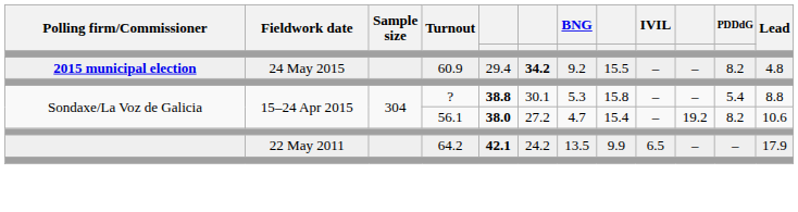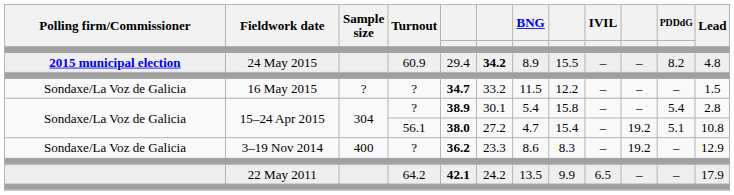 <table class="wikitable collapsible collapsed" style="text-align:center; font-size:95%; line-height:16px;">
 <tr style="height:42px;">
 <th style="width:250px;" rowspan="2">Polling firm/Commissioner</th>
 <th style="width:125px;" rowspan="2">Fieldwork date</th>
 <th style="width:50px;" rowspan="2">Sample size</th>
 <th style="width:45px;" rowspan="2">Turnout</th>
 <th style="width:35px;"></th>
 <th style="width:35px;"></th>
 <th style="width:35px;"><a href='#'>BNG</a></th>
 <th style="width:35px;"></th>
 <th style="width:35px;">IVIL</th>
 <th style="width:35px;"></th>
 <th style="width:35px; font-size:75%;">PDDdG</th>
 <th style="width:30px;" rowspan="2">Lead</th>
 </tr>
 <tr>
 <th style="color:inherit;background:"></th>
 <th style="color:inherit;background:"></th>
 <th style="color:inherit;background:"></th>
 <th style="color:inherit;background:"></th>
 <th style="color:inherit;background:"></th>
 <th style="color:inherit;background:"></th>
 <th style="color:inherit;background:"></th>
 </tr>
 <tr>
 <td colspan="12" style="background:#A0A0A0"></td>
 </tr>
 <tr style="background:#EFEFEF;">
 <td><strong><a href='#'>2015 municipal election</a></strong></td>
 <td>24 May 2015</td>
 <td></td>
 <td>60.9</td>
 <td>29.4<br></td>
 <td><strong>34.2</strong><br></td>
-<td>9.2<br></td>
+<td>8.9<br></td>
 <td>15.5<br></td>
 <td>–</td>
 <td>–</td>
 <td>8.2<br></td>
 <td style="background:">4.8</td>
 </tr>
 <tr>
 <td colspan="12" style="background:#A0A0A0"></td>
 </tr>
 <tr>
+<td>Sondaxe/La Voz de Galicia</td>
+<td>16 May 2015</td>
+<td>?</td>
+<td>?</td>
+<td><strong>34.7</strong><br></td>
+<td>33.2<br></td>
+<td>11.5<br></td>
+<td>12.2<br></td>
+<td>–</td>
+<td>–</td>
+<td>–</td>
+<td style="background:">1.5</td>
+</tr>
+<tr>
 <td rowspan="2">Sondaxe/La Voz de Galicia</td>
 <td rowspan="2">15–24 Apr 2015</td>
 <td rowspan="2">304</td>
 <td>?</td>
-<td><strong>38.8</strong><br></td>
+<td><strong>38.9</strong><br></td>
 <td>30.1<br></td>
-<td>5.3<br></td>
+<td>5.4<br></td>
 <td>15.8<br></td>
 <td>–</td>
 <td>–</td>
 <td>5.4<br></td>
-<td style="background:">8.8</td>
+<td style="background:">2.8</td>
 </tr>
 <tr>
 <td>56.1</td>
 <td><strong>38.0</strong><br></td>
 <td>27.2<br></td>
 <td>4.7<br></td>
 <td>15.4<br></td>
 <td>–</td>
 <td>19.2<br></td>
-<td>8.2<br></td>
-<td style="background:">10.6</td>
+<td>5.1<br></td>
+<td style="background:">10.8</td>
+</tr>
+<tr>
+<td>Sondaxe/La Voz de Galicia</td>
+<td>3–19 Nov 2014</td>
+<td>400</td>
+<td>?</td>
+<td><strong>36.2</strong><br></td>
+<td>23.3<br></td>
+<td>8.6<br></td>
+<td>8.3<br></td>
+<td>–</td>
+<td>19.2<br></td>
+<td>–</td>
+<td style="background:">12.9</td>
 </tr>
 <tr>
 <td colspan="12" style="background:#A0A0A0"></td>
 </tr>
 <tr style="background:#EFEFEF;">
 <td><strong></strong></td>
 <td>22 May 2011</td>
 <td></td>
 <td>64.2</td>
 <td><strong>42.1</strong><br></td>
 <td>24.2<br></td>
 <td>13.5<br></td>
 <td>9.9<br></td>
 <td>6.5<br></td>
 <td>–</td>
 <td>–</td>
 <td style="background:">17.9</td>
 </tr>
 <tr>
 <td colspan="12" style="background:#A0A0A0"></td>
 </tr>
 </table>
